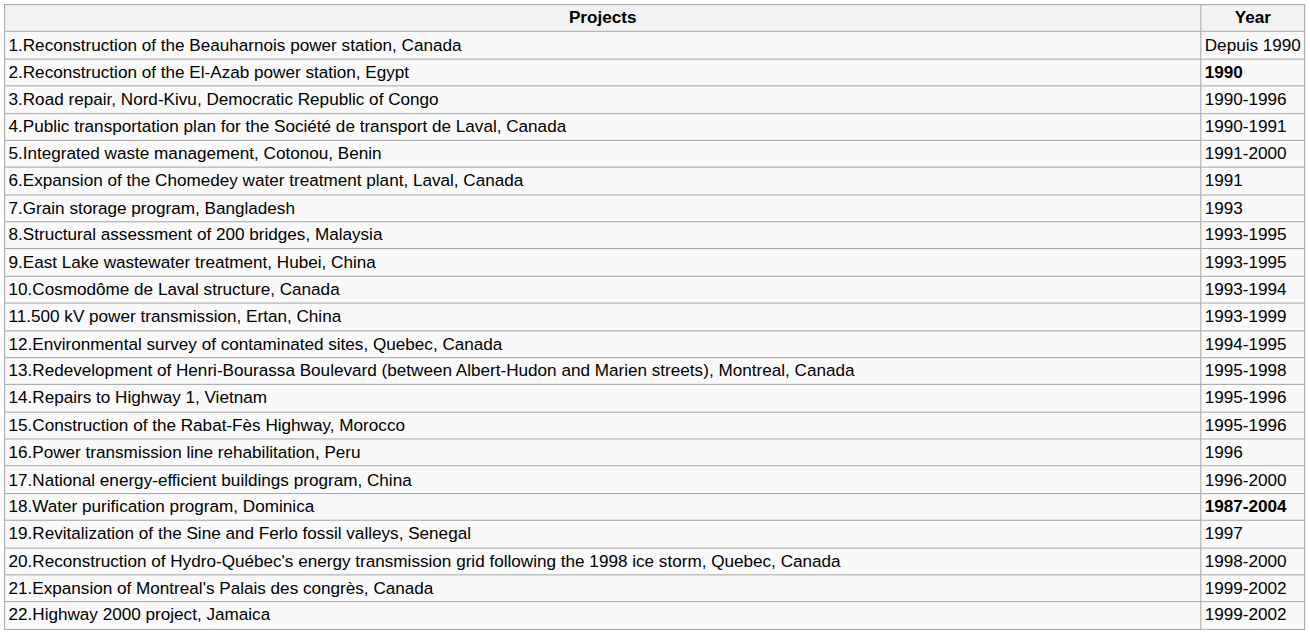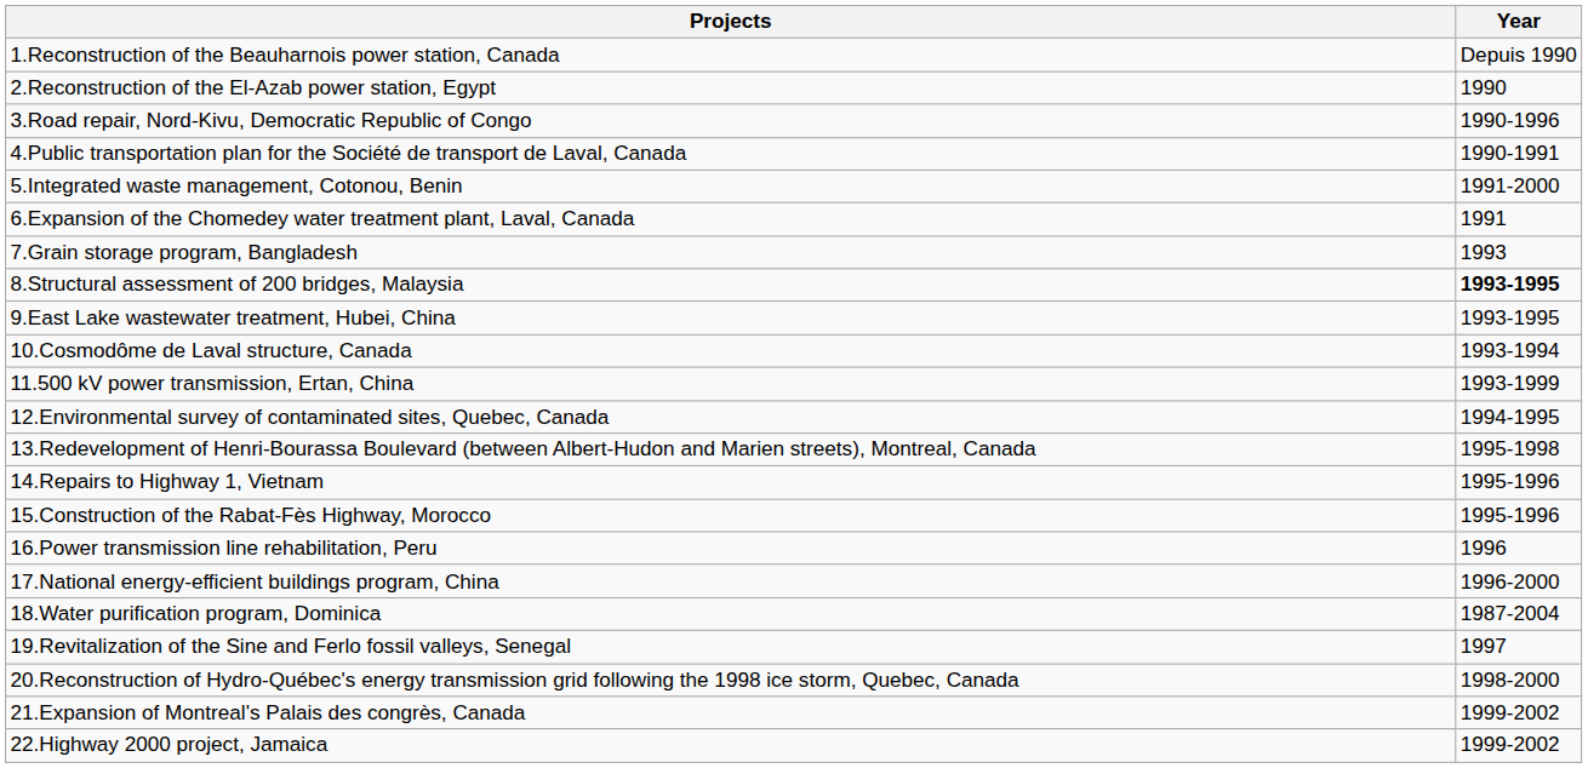 <table class="wikitable">
 <tr>
 <th>Projects</th>
 <th width="8%">Year</th>
 </tr>
 <tr>
 <td>1.Reconstruction of the Beauharnois power station, Canada</td>
 <td>Depuis 1990</td>
 </tr>
 <tr>
 <td>2.Reconstruction of the El-Azab power station, Egypt</td>
-<td><strong>1990</strong></td>
+<td>1990</td>
 </tr>
 <tr>
 <td>3.Road repair, Nord-Kivu, Democratic Republic of Congo</td>
 <td>1990-1996</td>
 </tr>
 <tr>
 <td>4.Public transportation plan for the Société de transport de Laval, Canada</td>
 <td>1990-1991</td>
 </tr>
 <tr>
 <td>5.Integrated waste management, Cotonou, Benin</td>
 <td>1991-2000</td>
 </tr>
 <tr>
 <td>6.Expansion of the Chomedey water treatment plant, Laval, Canada</td>
 <td>1991</td>
 </tr>
 <tr>
 <td>7.Grain storage program, Bangladesh</td>
 <td>1993</td>
 </tr>
 <tr>
 <td>8.Structural assessment of 200 bridges, Malaysia</td>
-<td>1993-1995</td>
+<td><strong>1993-1995</strong></td>
 </tr>
 <tr>
 <td>9.East Lake wastewater treatment, Hubei, China</td>
 <td>1993-1995</td>
 </tr>
 <tr>
 <td>10.Cosmodôme de Laval structure, Canada</td>
 <td>1993-1994</td>
 </tr>
 <tr>
 <td>11.500 kV power transmission, Ertan, China</td>
 <td>1993-1999</td>
 </tr>
 <tr>
 <td>12.Environmental survey of contaminated sites, Quebec, Canada</td>
 <td>1994-1995</td>
 </tr>
 <tr>
 <td>13.Redevelopment of Henri-Bourassa Boulevard (between Albert-Hudon and Marien streets), Montreal, Canada</td>
 <td>1995-1998</td>
 </tr>
 <tr>
 <td>14.Repairs to Highway 1, Vietnam</td>
 <td>1995-1996</td>
 </tr>
 <tr>
 <td>15.Construction of the Rabat-Fès Highway, Morocco</td>
 <td>1995-1996</td>
 </tr>
 <tr>
 <td>16.Power transmission line rehabilitation, Peru</td>
 <td>1996</td>
 </tr>
 <tr>
 <td>17.National energy-efficient buildings program, China</td>
 <td>1996-2000</td>
 </tr>
 <tr>
 <td>18.Water purification program, Dominica</td>
-<td><strong>1987-2004</strong></td>
+<td>1987-2004</td>
 </tr>
 <tr>
 <td>19.Revitalization of the Sine and Ferlo fossil valleys, Senegal</td>
 <td>1997</td>
 </tr>
 <tr>
 <td>20.Reconstruction of Hydro-Québec's energy transmission grid following the 1998 ice storm, Quebec, Canada</td>
 <td>1998-2000</td>
 </tr>
 <tr>
 <td>21.Expansion of Montreal's Palais des congrès, Canada</td>
 <td>1999-2002</td>
 </tr>
 <tr>
 <td>22.Highway 2000 project, Jamaica</td>
 <td>1999-2002</td>
 </tr>
 </table>
